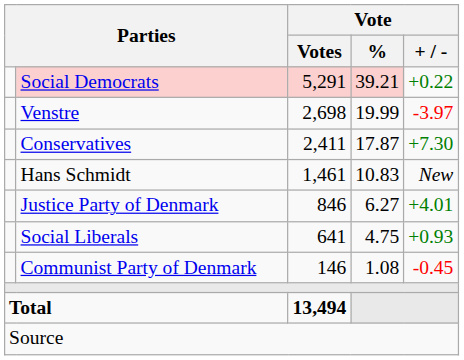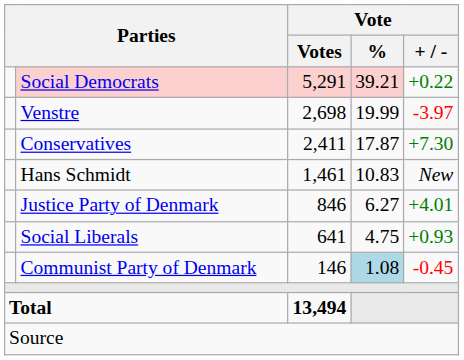 <table class="wikitable" style="text-align:right;">
 <tr>
 <th style="text-align:centre;" rowspan="2" colspan="2" width="225">Parties</th>
 <th colspan="3">Vote</th>
 </tr>
 <tr>
 <th width="15">Votes</th>
 <th width="15">%</th>
 <th width="15">+ / -</th>
 </tr>
 <tr>
 <td width="2" style="color:inherit;background:"></td>
 <td bgcolor=#fbd0ce  align="left"><a href='#'>Social Democrats</a></td>
 <td bgcolor=#fbd0ce>5,291</td>
 <td bgcolor=#fbd0ce>39.21</td>
 <td style=color:green;>+0.22</td>
 </tr>
 <tr>
 <td width="2" style="color:inherit;background:"></td>
 <td align="left"><a href='#'>Venstre</a></td>
 <td>2,698</td>
 <td>19.99</td>
 <td style=color:red;>-3.97</td>
 </tr>
 <tr>
 <td width="2" style="color:inherit;background:"></td>
 <td align="left"><a href='#'>Conservatives</a></td>
 <td>2,411</td>
 <td>17.87</td>
 <td style=color:green;>+7.30</td>
 </tr>
 <tr>
 <td width="2" style="color:inherit;background:"></td>
 <td align="left">Hans Schmidt</td>
 <td>1,461</td>
 <td>10.83</td>
 <td><em>New</em></td>
 </tr>
 <tr>
 <td width="2" style="color:inherit;background:"></td>
 <td align="left"><a href='#'>Justice Party of Denmark</a></td>
 <td>846</td>
 <td>6.27</td>
 <td style=color:green;>+4.01</td>
 </tr>
 <tr>
 <td width="2" style="color:inherit;background:"></td>
 <td align="left"><a href='#'>Social Liberals</a></td>
 <td>641</td>
 <td>4.75</td>
 <td style=color:green;>+0.93</td>
 </tr>
 <tr>
 <td width="2" style="color:inherit;background:"></td>
 <td align="left"><a href='#'>Communist Party of Denmark</a></td>
 <td>146</td>
-<td>1.08</td>
+<td style="background: lightblue;">1.08</td>
 <td style=color:red;>-0.45</td>
 </tr>
 <tr>
 <td colspan="7" bgcolor="#E9E9E9"></td>
 </tr>
 <tr>
 <td align="left" colspan="2"><strong>Total</strong></td>
 <td><strong>13,494</strong></td>
 <td bgcolor="#E9E9E9" colspan="2"></td>
 </tr>
 <tr>
 <td align="left" colspan="6">Source</td>
 </tr>
 </table>
